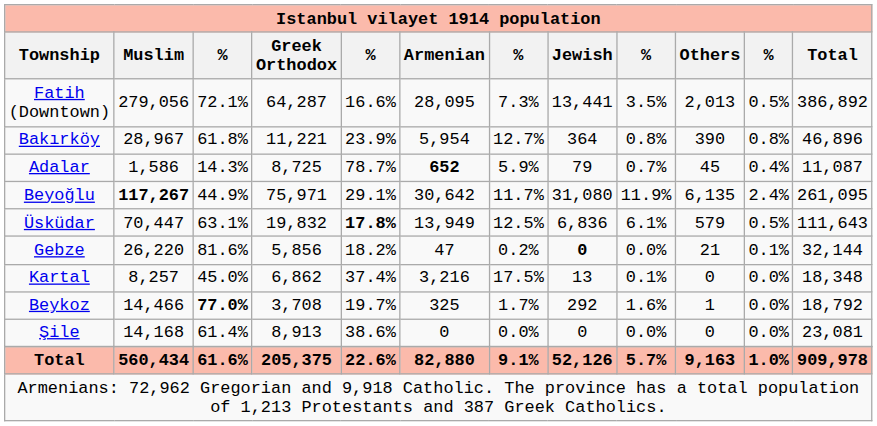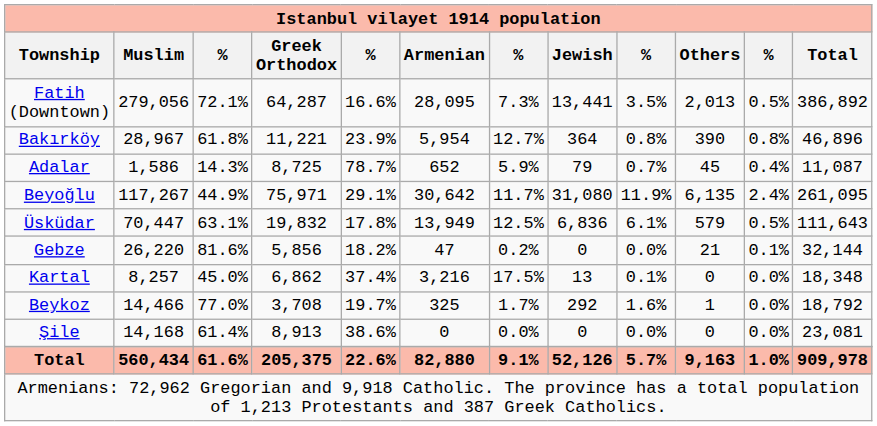 <table class="wikitable" style="text-align: center;">
 <tr bgcolor=#fBBAAB>
 <td colspan=16 align="center"><strong> Istanbul vilayet 1914 population</strong> </td>
 </tr>
 <tr>
 <th>Township</th>
 <th>Muslim</th>
 <th>%</th>
 <th>Greek Orthodox</th>
 <th>%</th>
 <th>Armenian</th>
 <th>%</th>
 <th>Jewish</th>
 <th>%</th>
 <th>Others</th>
 <th>%</th>
 <th>Total</th>
 </tr>
 <tr>
 <td><a href='#'>Fatih</a> (Downtown)</td>
 <td>279,056</td>
 <td>72.1%</td>
 <td>64,287</td>
 <td>16.6%</td>
 <td>28,095</td>
 <td>7.3%</td>
 <td>13,441</td>
 <td>3.5%</td>
 <td>2,013</td>
 <td>0.5%</td>
 <td>386,892</td>
 </tr>
 <tr>
 <td><a href='#'>Bakırköy</a></td>
 <td>28,967</td>
 <td>61.8%</td>
 <td>11,221</td>
 <td>23.9%</td>
 <td>5,954</td>
 <td>12.7%</td>
 <td>364</td>
 <td>0.8%</td>
 <td>390</td>
 <td>0.8%</td>
 <td>46,896</td>
 </tr>
 <tr>
 <td><a href='#'>Adalar</a></td>
 <td>1,586</td>
 <td>14.3%</td>
 <td>8,725</td>
 <td>78.7%</td>
-<td><strong>652</strong></td>
+<td>652</td>
 <td>5.9%</td>
 <td>79</td>
 <td>0.7%</td>
 <td>45</td>
 <td>0.4%</td>
 <td>11,087</td>
 </tr>
 <tr>
 <td><a href='#'>Beyoğlu</a></td>
-<td><strong>117,267</strong></td>
+<td>117,267</td>
 <td>44.9%</td>
 <td>75,971</td>
 <td>29.1%</td>
 <td>30,642</td>
 <td>11.7%</td>
 <td>31,080</td>
 <td>11.9%</td>
 <td>6,135</td>
 <td>2.4%</td>
 <td>261,095</td>
 </tr>
 <tr>
 <td><a href='#'>Üsküdar</a></td>
 <td>70,447</td>
 <td>63.1%</td>
 <td>19,832</td>
-<td><strong>17.8%</strong></td>
+<td>17.8%</td>
 <td>13,949</td>
 <td>12.5%</td>
 <td>6,836</td>
 <td>6.1%</td>
 <td>579</td>
 <td>0.5%</td>
 <td>111,643</td>
 </tr>
 <tr>
 <td><a href='#'>Gebze</a></td>
 <td>26,220</td>
 <td>81.6%</td>
 <td>5,856</td>
 <td>18.2%</td>
 <td>47</td>
 <td>0.2%</td>
-<td><strong>0</strong></td>
+<td>0</td>
 <td>0.0%</td>
 <td>21</td>
 <td>0.1%</td>
 <td>32,144</td>
 </tr>
 <tr>
 <td><a href='#'>Kartal</a></td>
 <td>8,257</td>
 <td>45.0%</td>
 <td>6,862</td>
 <td>37.4%</td>
 <td>3,216</td>
 <td>17.5%</td>
 <td>13</td>
 <td>0.1%</td>
 <td>0</td>
 <td>0.0%</td>
 <td>18,348</td>
 </tr>
 <tr>
 <td><a href='#'>Beykoz</a></td>
 <td>14,466</td>
-<td><strong>77.0%</strong></td>
+<td>77.0%</td>
 <td>3,708</td>
 <td>19.7%</td>
 <td>325</td>
 <td>1.7%</td>
 <td>292</td>
 <td>1.6%</td>
 <td>1</td>
 <td>0.0%</td>
 <td>18,792</td>
 </tr>
 <tr>
 <td><a href='#'>Şile</a></td>
 <td>14,168</td>
 <td>61.4%</td>
 <td>8,913</td>
 <td>38.6%</td>
 <td>0</td>
 <td>0.0%</td>
 <td>0</td>
 <td>0.0%</td>
 <td>0</td>
 <td>0.0%</td>
 <td>23,081</td>
 </tr>
 <tr>
 </tr>
 <tr align="center">
 </tr>
 <tr bgcolor=#fBBAAB align="center">
 <td><strong>Total</strong></td>
 <td><strong> 560,434 </strong></td>
 <td><strong>61.6%</strong></td>
 <td><strong>205,375  </strong></td>
 <td><strong>22.6%</strong></td>
 <td><strong>82,880</strong></td>
 <td><strong>9.1%</strong></td>
 <td><strong>52,126 </strong></td>
 <td><strong>5.7%</strong></td>
 <td><strong>9,163</strong></td>
 <td><strong>1.0%</strong></td>
 <td><strong>909,978</strong></td>
 </tr>
 <tr>
 <td colspan="16">Armenians: 72,962 Gregorian and 9,918 Catholic. The province has a total population of 1,213 Protestants and 387 Greek Catholics.</td>
 </tr>
 </table>
